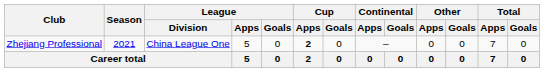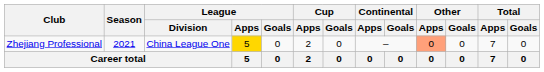 <table class="wikitable" style="text-align: center">
 <tr>
 <th rowspan="2">Club</th>
 <th rowspan="2">Season</th>
 <th colspan="3">League</th>
 <th colspan="2">Cup</th>
 <th colspan="2">Continental</th>
 <th colspan="2">Other</th>
 <th colspan="2">Total</th>
 </tr>
 <tr>
 <th>Division</th>
 <th>Apps</th>
 <th>Goals</th>
 <th>Apps</th>
 <th>Goals</th>
 <th>Apps</th>
 <th>Goals</th>
 <th>Apps</th>
 <th>Goals</th>
 <th>Apps</th>
 <th>Goals</th>
 </tr>
 <tr>
 <td><a href='#'>Zhejiang Professional</a></td>
 <td><a href='#'>2021</a></td>
 <td><a href='#'>China League One</a></td>
-<td>5</td>
+<td style="background: gold;">5</td>
 <td>0</td>
-<td><strong>2</strong></td>
+<td>2</td>
 <td>0</td>
 <td colspan="2">–</td>
-<td>0</td>
+<td style="background: lightsalmon;">0</td>
 <td>0</td>
 <td>7</td>
 <td>0</td>
 </tr>
 <tr>
 <th colspan=3>Career total</th>
 <th>5</th>
 <th>0</th>
 <th>2</th>
 <th>0</th>
 <th>0</th>
 <th>0</th>
 <th>0</th>
 <th>0</th>
 <th>7</th>
 <th>0</th>
 </tr>
 </table>
